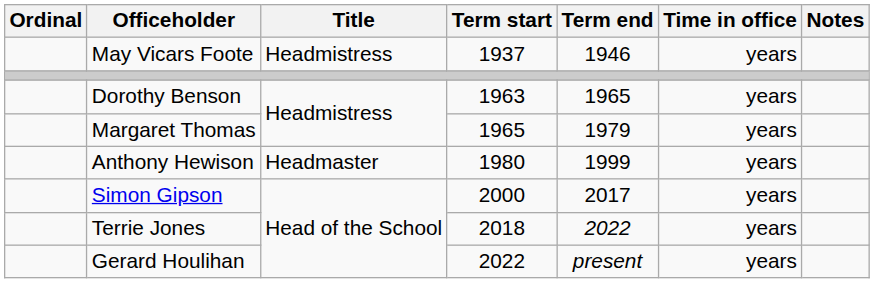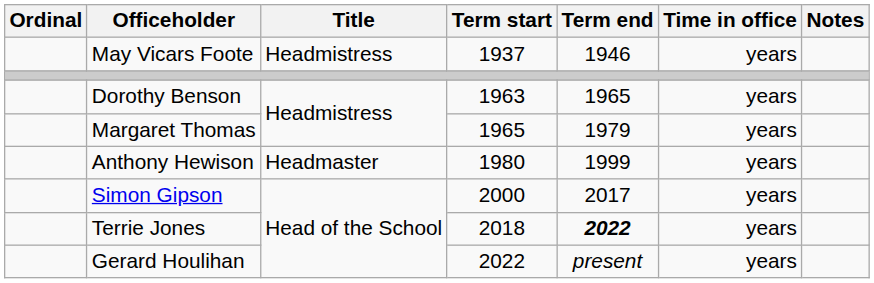 <table class="wikitable sortable" style="margin-bottom:0px">
 <tr>
 <th>Ordinal</th>
 <th>Officeholder</th>
 <th>Title</th>
 <th>Term start</th>
 <th>Term end</th>
 <th>Time in office</th>
 <th>Notes</th>
 </tr>
 <tr>
 <td align="center"></td>
 <td>May Vicars Foote</td>
 <td>Headmistress</td>
 <td align="center">1937</td>
 <td align="center">1946</td>
 <td align="right"> years</td>
 <td></td>
 </tr>
 <tr>
 <th colspan=9 style="background: #cccccc;"></th>
 </tr>
 <tr>
 <td align="center"></td>
 <td>Dorothy Benson</td>
 <td rowspan=2>Headmistress</td>
 <td align="center">1963</td>
 <td align="center">1965</td>
 <td align="right"> years</td>
 <td></td>
 </tr>
 <tr>
 <td align="center"></td>
 <td>Margaret Thomas</td>
 <td align="center">1965</td>
 <td align="center">1979</td>
 <td align="right"> years</td>
 <td></td>
 </tr>
 <tr>
 <td align="center"></td>
 <td>Anthony Hewison </td>
 <td>Headmaster</td>
 <td align="center">1980</td>
 <td align="center">1999</td>
 <td align="right"> years</td>
 <td></td>
 </tr>
 <tr>
 <td align="center"></td>
 <td><a href='#'>Simon Gipson</a> </td>
 <td rowspan=3>Head of the School</td>
 <td align="center">2000</td>
 <td align="center">2017</td>
 <td align="right"> years</td>
 <td></td>
 </tr>
 <tr>
 <td align="center"></td>
 <td>Terrie Jones</td>
 <td align="center">2018</td>
-<td align="center"><em>2022</em></td>
+<td align="center"><strong><em>2022</em></strong></td>
 <td align="right"> years</td>
 <td></td>
 </tr>
 <tr>
 <td align="center"></td>
 <td>Gerard Houlihan</td>
 <td align="center">2022</td>
 <td align="center"><em>present</em></td>
 <td align="right"> years</td>
 <td></td>
 </tr>
 </table>
